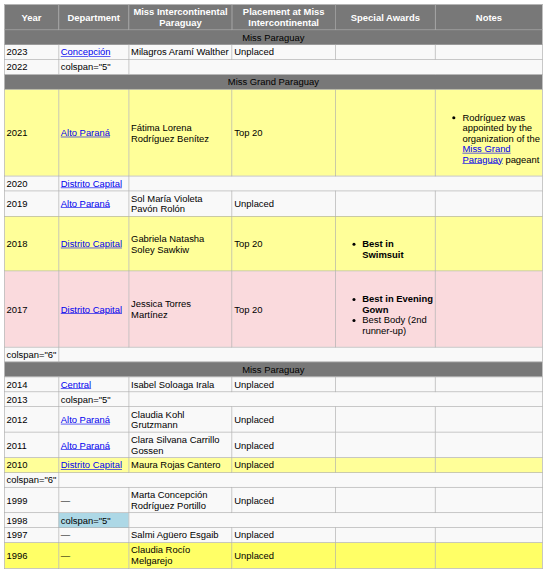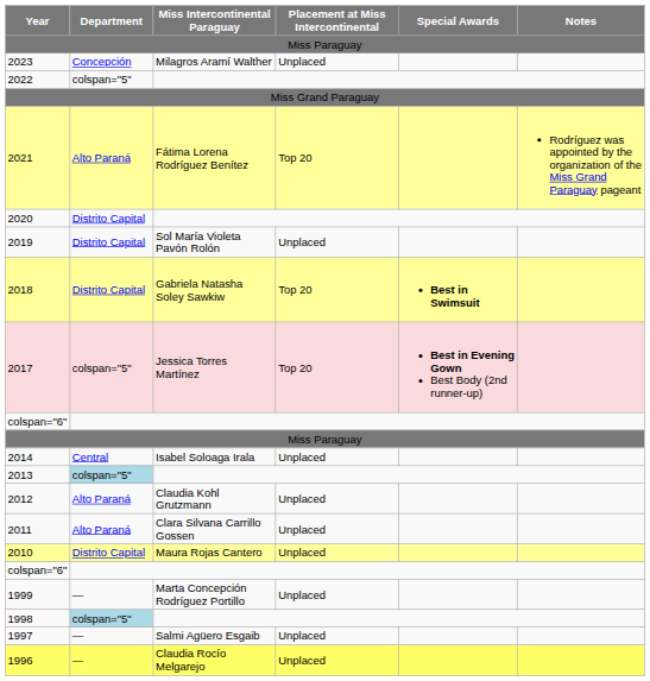 <table class="wikitable " style="font-size: 95%;">
 <tr>
 <th width="60" style="background-color:#787878;color:#FFFFFF;">Year</th>
 <th width="150" style="background-color:#787878;color:#FFFFFF;">Department</th>
 <th width="250" style="background-color:#787878;color:#FFFFFF;">Miss Intercontinental Paraguay</th>
 <th width="250" style="background-color:#787878;color:#FFFFFF;">Placement at Miss Intercontinental</th>
 <th width="250" style="background-color:#787878;color:#FFFFFF;">Special Awards</th>
 <th width="250" style="background-color:#787878;color:#FFFFFF;">Notes</th>
 </tr>
 <tr bgcolor="#787878" align="center">
 <td colspan="6"><span>Miss Paraguay</span></td>
 </tr>
 <tr>
 <td>2023</td>
 <td><a href='#'>Concepción</a></td>
 <td>Milagros Aramí Walther</td>
 <td>Unplaced</td>
 <td></td>
 <td></td>
 </tr>
 <tr>
 <td>2022</td>
 <td>colspan="5" </td>
 </tr>
 <tr bgcolor="#787878" align="center">
 <td colspan="6"><span>Miss Grand Paraguay</span></td>
 </tr>
 <tr style="background-color:#FFFF99; ">
 <td>2021</td>
 <td><a href='#'>Alto Paraná</a></td>
 <td>Fátima Lorena Rodríguez Benítez</td>
 <td>Top 20</td>
 <td></td>
 <td align="left"><br><ul><li>Rodríguez was appointed by the organization of the <a href='#'>Miss Grand Paraguay</a> pageant</li></ul></td>
 </tr>
 <tr>
 <td>2020</td>
 <td><a href='#'>Distrito Capital</a></td>
 </tr>
 <tr>
 <td>2019</td>
-<td><a href='#'>Alto Paraná</a></td>
+<td><a href='#'>Distrito Capital</a></td>
 <td>Sol María Violeta Pavón Rolón</td>
 <td>Unplaced</td>
 <td></td>
 <td></td>
 </tr>
 <tr style="background-color:#FFFF99; ">
 <td>2018</td>
 <td><a href='#'>Distrito Capital</a></td>
 <td>Gabriela Natasha Soley Sawkiw</td>
 <td>Top 20</td>
 <td align="left"><br><ul><li><strong>Best in Swimsuit</strong></li></ul></td>
 <td></td>
 </tr>
 <tr style="background-color:#FADADD; ">
 <td>2017</td>
-<td><a href='#'>Distrito Capital</a></td>
+<td>colspan="5" </td>
 <td>Jessica Torres Martínez</td>
 <td>Top 20</td>
 <td align="left"><br><ul><li><strong>Best in Evening Gown</strong></li><li>Best Body (2nd runner-up)</li></ul></td>
 <td></td>
 </tr>
 <tr>
 <td>colspan="6" </td>
 </tr>
 <tr bgcolor="#787878" align="center">
 <td colspan="6"><span>Miss Paraguay</span></td>
 </tr>
 <tr>
 <td>2014</td>
 <td><a href='#'>Central</a></td>
 <td>Isabel Soloaga Irala</td>
 <td>Unplaced</td>
 <td></td>
 <td></td>
 </tr>
 <tr>
 <td>2013</td>
-<td>colspan="5" </td>
+<td style="background: lightblue;">colspan="5" </td>
 </tr>
 <tr>
 <td>2012</td>
 <td><a href='#'>Alto Paraná</a></td>
 <td>Claudia Kohl Grutzmann</td>
 <td>Unplaced</td>
 <td></td>
 <td></td>
 </tr>
 <tr>
 <td>2011</td>
 <td><a href='#'>Alto Paraná</a></td>
 <td>Clara Silvana Carrillo Gossen</td>
 <td>Unplaced</td>
 <td></td>
 <td></td>
 </tr>
 <tr style="background-color:#FFFF99; ">
 <td>2010</td>
 <td><a href='#'>Distrito Capital</a></td>
 <td>Maura Rojas Cantero</td>
 <td>Unplaced</td>
 <td></td>
 <td></td>
 </tr>
 <tr>
 <td>colspan="6" </td>
 </tr>
 <tr>
 <td>1999</td>
 <td>—</td>
 <td>Marta Concepción Rodríguez Portillo</td>
 <td>Unplaced</td>
 <td></td>
 <td></td>
 </tr>
 <tr>
 <td>1998</td>
 <td style="background: lightblue;">colspan="5" </td>
 </tr>
 <tr>
 <td>1997</td>
 <td>—</td>
 <td>Salmi Agüero Esgaib</td>
 <td>Unplaced</td>
 <td></td>
 <td></td>
 </tr>
 <tr style="background-color:#FFFF66; ">
 <td>1996</td>
 <td>—</td>
 <td>Claudia Rocío Melgarejo</td>
 <td>Unplaced</td>
 <td></td>
 <td></td>
 </tr>
 </table>
